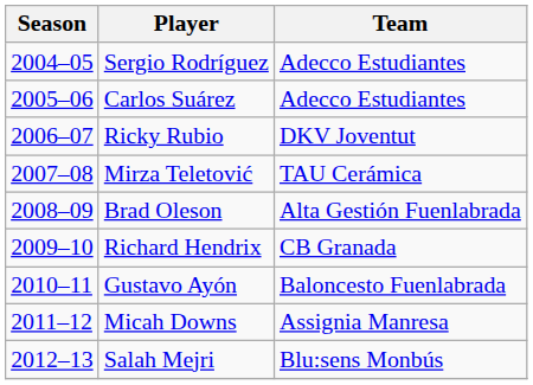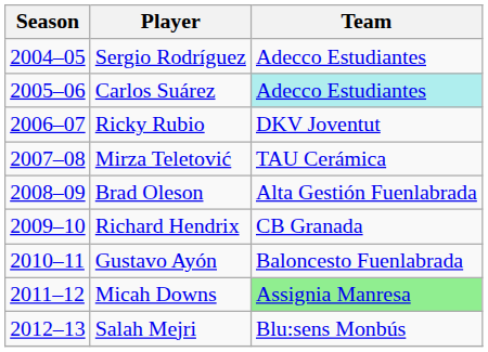 <table class="wikitable">
 <tr>
 <th>Season</th>
 <th>Player</th>
 <th>Team</th>
 </tr>
 <tr>
 <td><a href='#'>2004–05</a></td>
 <td> <a href='#'>Sergio Rodríguez</a></td>
 <td><a href='#'>Adecco Estudiantes</a></td>
 </tr>
 <tr>
 <td><a href='#'>2005–06</a></td>
 <td> <a href='#'>Carlos Suárez</a></td>
-<td><a href='#'>Adecco Estudiantes</a></td>
+<td style="background: paleturquoise;"><a href='#'>Adecco Estudiantes</a></td>
 </tr>
 <tr>
 <td><a href='#'>2006–07</a></td>
 <td> <a href='#'>Ricky Rubio</a></td>
 <td><a href='#'>DKV Joventut</a></td>
 </tr>
 <tr>
 <td><a href='#'>2007–08</a></td>
 <td> <a href='#'>Mirza Teletović</a></td>
 <td><a href='#'>TAU Cerámica</a></td>
 </tr>
 <tr>
 <td><a href='#'>2008–09</a></td>
 <td> <a href='#'>Brad Oleson</a></td>
 <td><a href='#'>Alta Gestión Fuenlabrada</a></td>
 </tr>
 <tr>
 <td><a href='#'>2009–10</a></td>
 <td> <a href='#'>Richard Hendrix</a></td>
 <td><a href='#'>CB Granada</a></td>
 </tr>
 <tr>
 <td><a href='#'>2010–11</a></td>
 <td> <a href='#'>Gustavo Ayón</a></td>
 <td><a href='#'>Baloncesto Fuenlabrada</a></td>
 </tr>
 <tr>
 <td><a href='#'>2011–12</a></td>
 <td> <a href='#'>Micah Downs</a></td>
-<td><a href='#'>Assignia Manresa</a></td>
+<td style="background: lightgreen;"><a href='#'>Assignia Manresa</a></td>
 </tr>
 <tr>
 <td><a href='#'>2012–13</a></td>
 <td> <a href='#'>Salah Mejri</a></td>
 <td><a href='#'>Blu:sens Monbús</a></td>
 </tr>
 <tr>
 </tr>
 </table>
